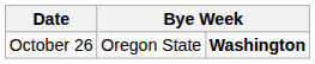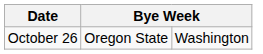 <table class="wikitable" style="font-size:95%;">
 <tr>
 <th>Date</th>
 <th colspan="2">Bye Week</th>
 </tr>
 <tr>
 <td>October 26</td>
 <td>Oregon State</td>
-<td><strong>Washington</strong></td>
+<td>Washington</td>
 </tr>
 </table>
